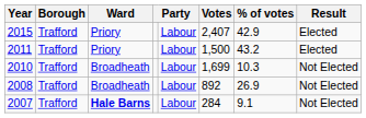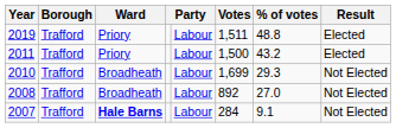 <table class="wikitable">
 <tr>
 <th>Year</th>
 <th>Borough</th>
 <th>Ward</th>
 <th colspan="2">Party</th>
 <th>Votes</th>
 <th>% of votes</th>
 <th>Result</th>
 </tr>
 <tr>
-<td><a href='#'>2015</a></td>
+<td><a href='#'>2019</a></td>
 <td><a href='#'>Trafford</a></td>
 <td><a href='#'>Priory</a></td>
 <td style="background-color: "></td>
 <td><a href='#'>Labour</a></td>
-<td>2,407</td>
-<td>42.9</td>
+<td>1,511</td>
+<td>48.8</td>
 <td> Elected</td>
 </tr>
 <tr>
 <td><a href='#'>2011</a></td>
 <td><a href='#'>Trafford</a></td>
 <td><a href='#'>Priory</a></td>
 <td style="background-color: "></td>
 <td><a href='#'>Labour</a></td>
 <td>1,500</td>
 <td>43.2</td>
 <td> Elected</td>
 </tr>
 <tr>
 <td><a href='#'>2010</a></td>
 <td><a href='#'>Trafford</a></td>
 <td><a href='#'>Broadheath</a></td>
 <td style="background-color: "></td>
 <td><a href='#'>Labour</a></td>
 <td>1,699</td>
-<td>10.3</td>
+<td>29.3</td>
 <td> Not Elected</td>
 </tr>
 <tr>
 <td><a href='#'>2008</a></td>
 <td><a href='#'>Trafford</a></td>
 <td><a href='#'>Broadheath</a></td>
 <td style="background-color: "></td>
 <td><a href='#'>Labour</a></td>
 <td>892</td>
-<td>26.9</td>
+<td>27.0</td>
 <td> Not Elected</td>
 </tr>
 <tr>
 <td><a href='#'>2007</a></td>
 <td><a href='#'>Trafford</a></td>
 <td><strong><a href='#'>Hale Barns</a></strong></td>
 <td style="background-color: "></td>
 <td><a href='#'>Labour</a></td>
 <td>284</td>
 <td>9.1</td>
 <td> Not Elected</td>
 </tr>
 </table>
